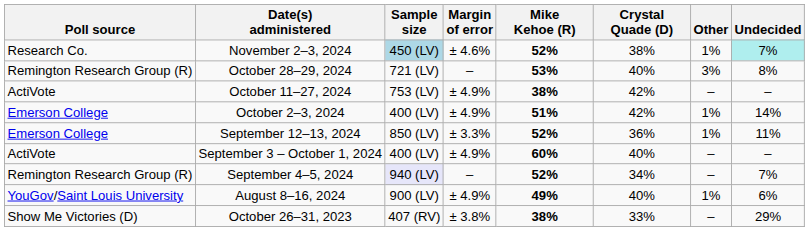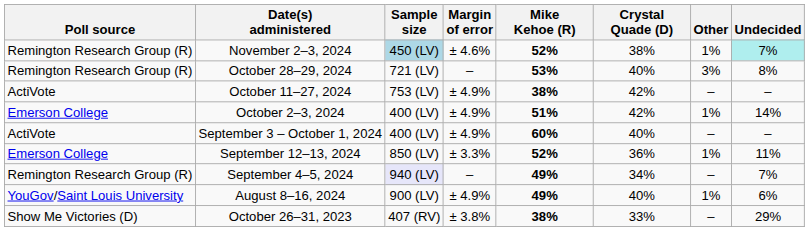 <table class="wikitable" style="font-size:90%;text-align:center;">
 <tr style="vertical-align:bottom">
 <th>Poll source</th>
 <th>Date(s)<br>administered</th>
 <th>Sample<br>size</th>
 <th>Margin<br>of error</th>
 <th style="width:100px;">Mike<br>Kehoe (R)</th>
 <th style="width:100px;">Crystal<br>Quade (D)</th>
 <th>Other</th>
 <th>Undecided</th>
 </tr>
 <tr>
-<td style="text-align:left;">Research Co.</td>
+<td style="text-align:left;">Remington Research Group (R)</td>
 <td>November 2–3, 2024</td>
 <td style="background: lightblue;">450 (LV)</td>
 <td>± 4.6%</td>
 <td><strong>52%</strong></td>
 <td>38%</td>
 <td>1%</td>
 <td style="background: paleturquoise;">7%</td>
 </tr>
 <tr>
 <td style="text-align:left;">Remington Research Group (R)</td>
 <td>October 28–29, 2024</td>
 <td>721 (LV)</td>
 <td>–</td>
 <td><strong>53%</strong></td>
 <td>40%</td>
 <td>3%</td>
 <td>8%</td>
 </tr>
 <tr>
 <td style="text-align:left;">ActiVote</td>
 <td>October 11–27, 2024</td>
 <td>753 (LV)</td>
 <td>± 4.9%</td>
 <td><strong>38%</strong></td>
 <td>42%</td>
 <td>–</td>
 <td>–</td>
 </tr>
 <tr>
 <td style="text-align:left;"><a href='#'>Emerson College</a></td>
 <td>October 2–3, 2024</td>
 <td>400 (LV)</td>
 <td>± 4.9%</td>
 <td><strong>51%</strong></td>
 <td>42%</td>
 <td>1%</td>
 <td>14%</td>
 </tr>
 <tr>
+<td style="text-align:left;">ActiVote</td>
+<td>September 3 – October 1, 2024</td>
+<td>400 (LV)</td>
+<td>± 4.9%</td>
+<td><strong>60%</strong></td>
+<td>40%</td>
+<td>–</td>
+<td>–</td>
+</tr>
+<tr>
 <td style="text-align:left;"><a href='#'>Emerson College</a></td>
 <td>September 12–13, 2024</td>
 <td>850 (LV)</td>
 <td>± 3.3%</td>
 <td><strong>52%</strong></td>
 <td>36%</td>
 <td>1%</td>
 <td>11%</td>
 </tr>
 <tr>
-<td style="text-align:left;">ActiVote</td>
-<td>September 3 – October 1, 2024</td>
-<td>400 (LV)</td>
-<td>± 4.9%</td>
-<td><strong>60%</strong></td>
-<td>40%</td>
-<td>–</td>
-<td>–</td>
-</tr>
-<tr>
 <td style="text-align:left;">Remington Research Group (R)</td>
 <td>September 4–5, 2024</td>
 <td style="background: lavender;">940 (LV)</td>
 <td>–</td>
-<td><strong>52%</strong></td>
+<td><strong>49%</strong></td>
 <td>34%</td>
 <td>–</td>
 <td>7%</td>
 </tr>
 <tr>
 <td style="text-align:left;"><a href='#'>YouGov</a>/<a href='#'>Saint Louis University</a></td>
 <td>August 8–16, 2024</td>
 <td>900 (LV)</td>
 <td>± 4.9%</td>
 <td><strong>49%</strong></td>
 <td>40%</td>
 <td>1%</td>
 <td>6%</td>
 </tr>
 <tr>
 <td style="text-align:left;">Show Me Victories (D)</td>
 <td>October 26–31, 2023</td>
 <td>407 (RV)</td>
 <td>± 3.8%</td>
 <td><strong>38%</strong></td>
 <td>33%</td>
 <td>–</td>
 <td>29%</td>
 </tr>
 </table>
